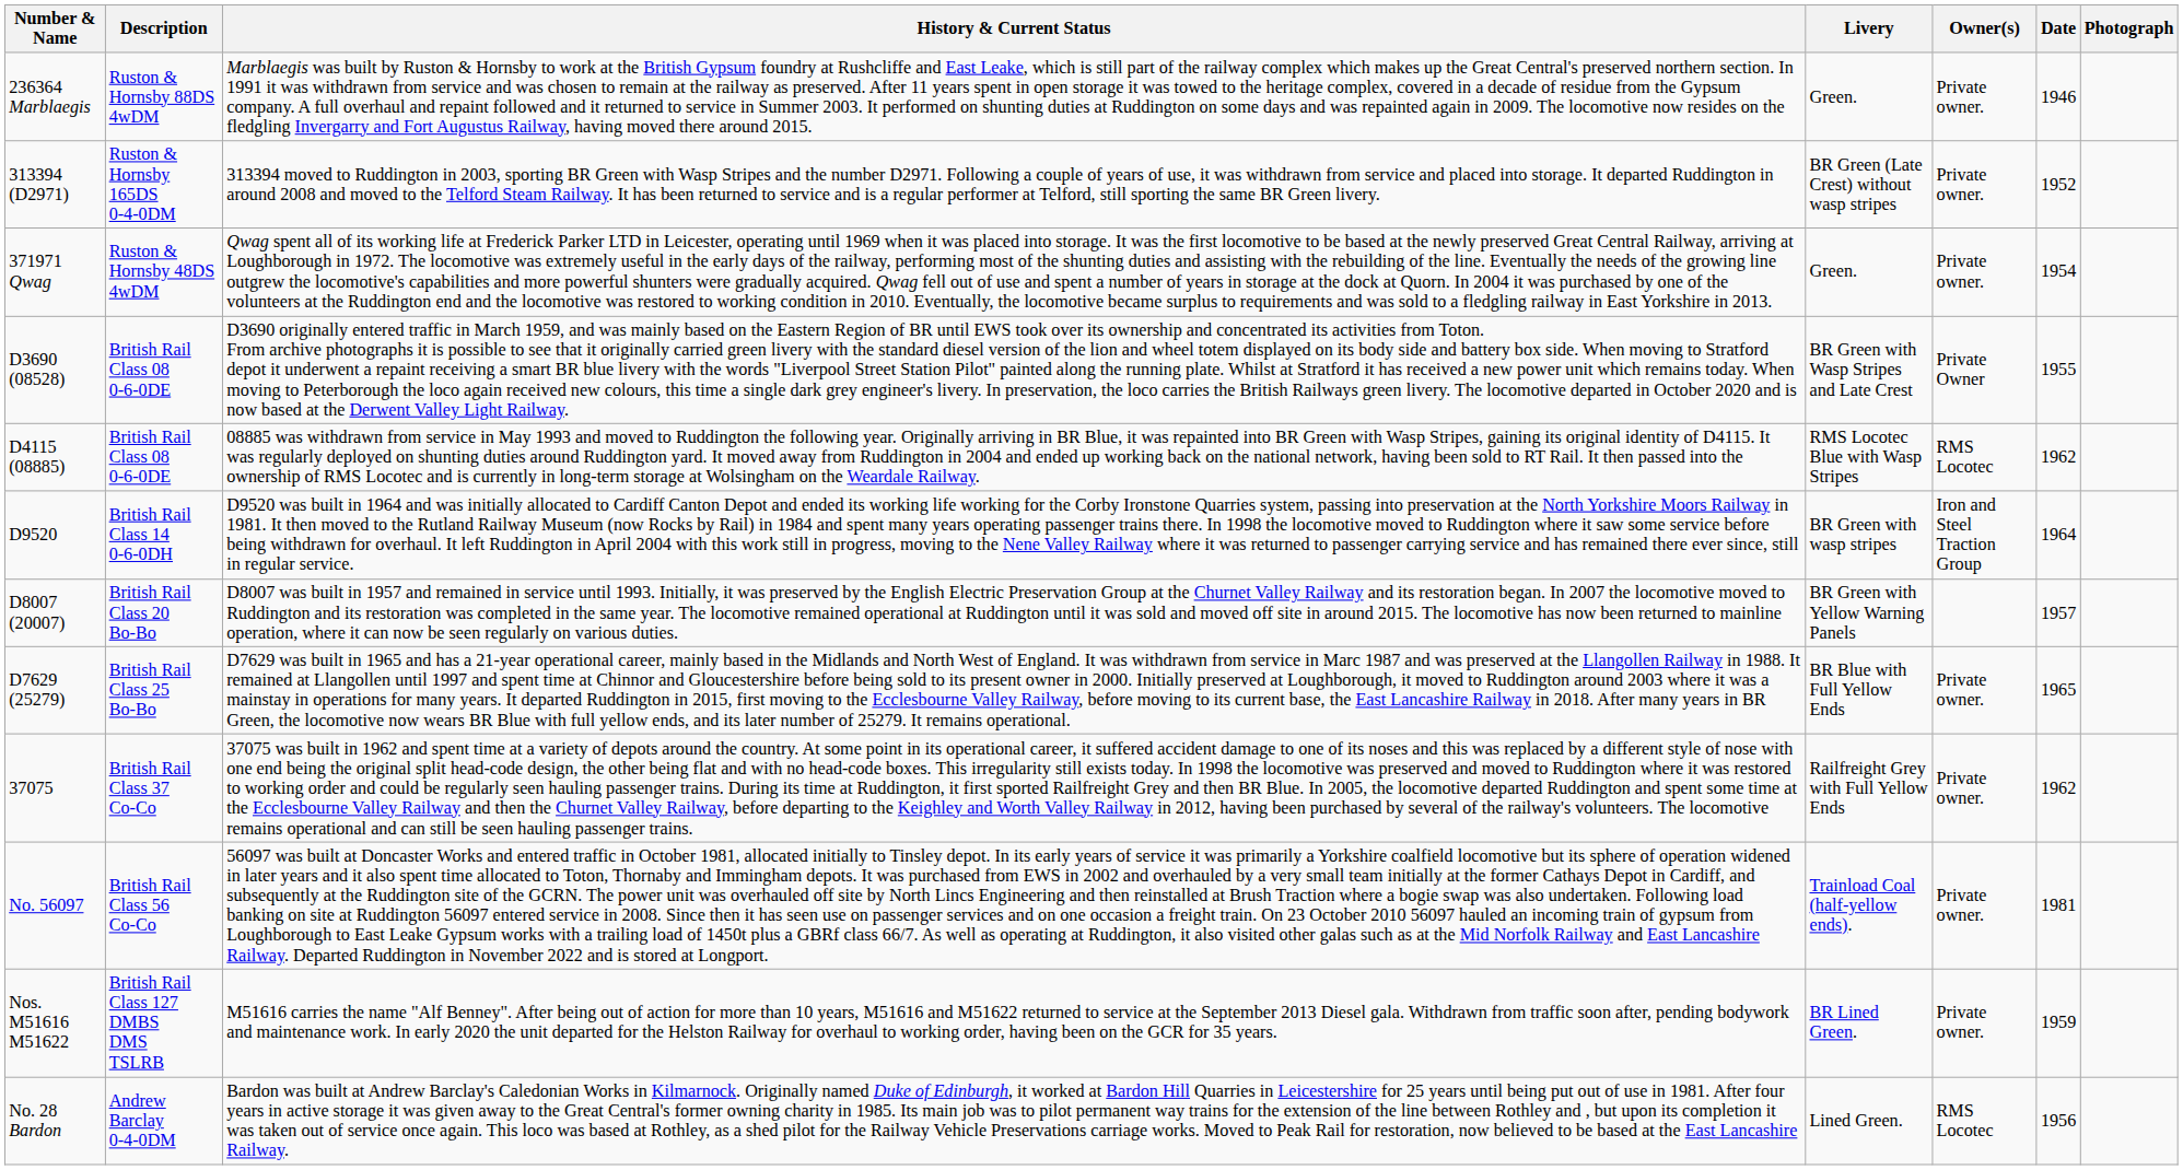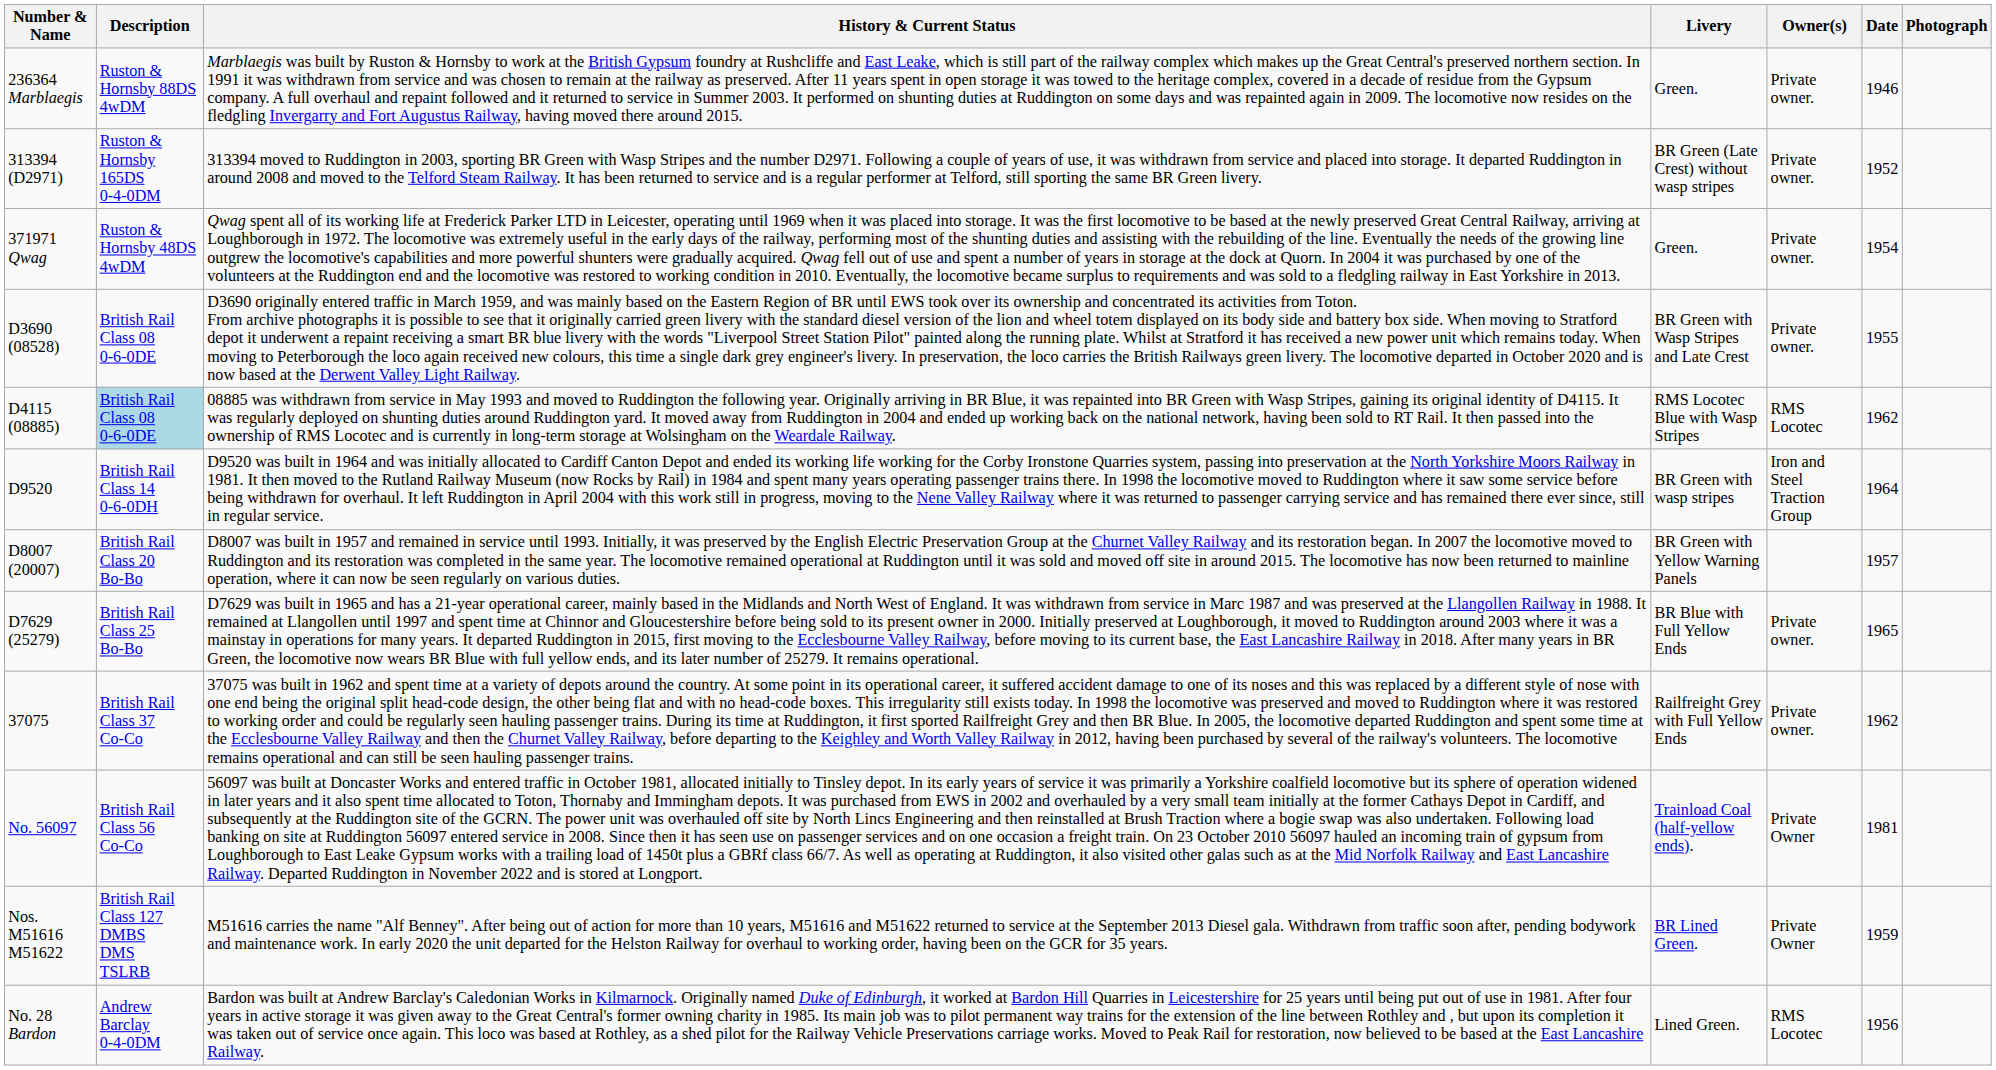 <table class="wikitable">
 <tr>
 <th>Number & Name</th>
 <th>Description</th>
 <th>History & Current Status</th>
 <th>Livery</th>
 <th>Owner(s)</th>
 <th>Date</th>
 <th>Photograph</th>
 </tr>
 <tr>
 <td>236364 <em>Marblaegis</em></td>
 <td><a href='#'>Ruston & Hornsby 88DS<br> 4wDM</a></td>
 <td><em>Marblaegis</em> was built by Ruston & Hornsby to work at the <a href='#'>British Gypsum</a> foundry at Rushcliffe and <a href='#'>East Leake</a>, which is still part of the railway complex which makes up the Great Central's preserved northern section. In 1991 it was withdrawn from service and was chosen to remain at the railway as preserved. After 11 years spent in open storage it was towed to the heritage complex, covered in a decade of residue from the Gypsum company. A full overhaul and repaint followed and it returned to service in Summer 2003. It performed on shunting duties at Ruddington on some days and was repainted again in 2009. The locomotive now resides on the fledgling <a href='#'>Invergarry and Fort Augustus Railway</a>, having moved there around 2015.</td>
 <td>Green.</td>
 <td>Private owner.</td>
 <td>1946</td>
 <td></td>
 </tr>
 <tr>
 <td>313394 (D2971)</td>
 <td><a href='#'>Ruston & Hornsby 165DS<br> 0-4-0DM</a></td>
 <td>313394 moved to Ruddington in 2003, sporting BR Green with Wasp Stripes and the number D2971. Following a couple of years of use, it was withdrawn from service and placed into storage. It departed Ruddington in around 2008 and moved to the <a href='#'>Telford Steam Railway</a>. It has been returned to service and is a regular performer at Telford, still sporting the same BR Green livery.</td>
 <td>BR Green (Late Crest) without wasp stripes</td>
 <td>Private owner.</td>
 <td>1952</td>
 <td></td>
 </tr>
 <tr>
 <td>371971 <em>Qwag</em></td>
 <td><a href='#'>Ruston & Hornsby 48DS<br> 4wDM</a></td>
 <td><em>Qwag</em> spent all of its working life at Frederick Parker LTD in Leicester, operating until 1969 when it was placed into storage. It was the first locomotive to be based at the newly preserved Great Central Railway, arriving at Loughborough in 1972. The locomotive was extremely useful in the early days of the railway, performing most of the shunting duties and assisting with the rebuilding of the line. Eventually the needs of the growing line outgrew the locomotive's capabilities and more powerful shunters were gradually acquired. <em>Qwag</em> fell out of use and spent a number of years in storage at the dock at Quorn. In 2004 it was purchased by one of the volunteers at the Ruddington end and the locomotive was restored to working condition in 2010. Eventually, the locomotive became surplus to requirements and was sold to a fledgling railway in East Yorkshire in 2013.</td>
 <td>Green.</td>
 <td>Private owner.</td>
 <td>1954</td>
 <td></td>
 </tr>
 <tr>
 <td>D3690 (08528) </td>
 <td><a href='#'>British Rail Class 08<br> 0-6-0DE</a></td>
 <td>D3690 originally entered traffic in March 1959, and was mainly based on the Eastern Region of BR until EWS took over its ownership and concentrated its activities from Toton.<br>From archive photographs it is possible to see that it originally carried green livery with the standard diesel version of the lion and wheel totem displayed on its body side and battery box side.  When moving to Stratford depot it underwent a repaint receiving a smart BR blue livery with the words "Liverpool Street Station Pilot" painted along the running plate. Whilst at Stratford it has received a new power unit which remains today. When moving to Peterborough the loco again received new colours, this time a single dark grey engineer's livery. In preservation, the loco carries the British Railways green livery. The locomotive departed in October 2020 and is now based at the <a href='#'>Derwent Valley Light Railway</a>.</td>
 <td>BR Green with Wasp Stripes and Late Crest</td>
-<td>Private Owner</td>
+<td>Private owner.</td>
 <td>1955</td>
 <td></td>
 </tr>
 <tr>
 <td>D4115 (08885)</td>
-<td><a href='#'>British Rail Class 08<br> 0-6-0DE</a></td>
+<td style="background: lightblue;"><a href='#'>British Rail Class 08<br> 0-6-0DE</a></td>
 <td>08885 was withdrawn from service in May 1993 and moved to Ruddington the following year. Originally arriving in BR Blue, it was repainted into BR Green with Wasp Stripes, gaining its original identity of D4115. It was regularly deployed on shunting duties around Ruddington yard. It moved away from Ruddington in 2004 and ended up working back on the national network, having been sold to RT Rail. It then passed into the ownership of RMS Locotec and is currently in long-term storage at Wolsingham on the <a href='#'>Weardale Railway</a>.</td>
 <td>RMS Locotec Blue with Wasp Stripes</td>
 <td>RMS Locotec</td>
 <td>1962</td>
 <td></td>
 </tr>
 <tr>
 <td>D9520</td>
 <td><a href='#'>British Rail Class 14<br> 0-6-0DH</a></td>
 <td>D9520 was built in 1964 and was initially allocated to Cardiff Canton Depot and ended its working life working for the Corby Ironstone Quarries system, passing into preservation at the <a href='#'>North Yorkshire Moors Railway</a> in 1981. It then moved to the Rutland Railway Museum (now Rocks by Rail) in 1984 and spent many years operating passenger trains there. In 1998 the locomotive moved to Ruddington where it saw some service before being withdrawn for overhaul. It left Ruddington in April 2004 with this work still in progress, moving to the <a href='#'>Nene Valley Railway</a> where it was returned to passenger carrying service and has remained there ever since, still in regular service.</td>
 <td>BR Green with wasp stripes</td>
 <td>Iron and Steel Traction Group</td>
 <td>1964</td>
 <td></td>
 </tr>
 <tr>
 <td>D8007 (20007)</td>
 <td><a href='#'>British Rail Class 20<br> Bo-Bo</a></td>
 <td>D8007 was built in 1957 and remained in service until 1993. Initially, it was preserved by the English Electric Preservation Group at the <a href='#'>Churnet Valley Railway</a> and its restoration began. In 2007 the locomotive moved to Ruddington and its restoration was completed in the same year. The locomotive remained operational at Ruddington until it was sold and moved off site in around 2015. The locomotive has now been returned to mainline operation, where it can now be seen regularly on various duties.</td>
 <td>BR Green with Yellow Warning Panels</td>
 <td></td>
 <td>1957</td>
 <td></td>
 </tr>
 <tr>
 <td>D7629 (25279)</td>
 <td><a href='#'>British Rail Class 25<br> Bo-Bo</a></td>
 <td>D7629 was built in 1965 and has a 21-year operational career, mainly based in the Midlands and North West of England. It was withdrawn from service in Marc 1987 and was preserved at the <a href='#'>Llangollen Railway</a> in 1988. It remained at Llangollen until 1997 and spent time at Chinnor and Gloucestershire before being sold to its present owner in 2000. Initially preserved at Loughborough, it moved to Ruddington around 2003 where it was a mainstay in operations for many years. It departed Ruddington in 2015, first moving to the <a href='#'>Ecclesbourne Valley Railway</a>, before moving to its current base, the <a href='#'>East Lancashire Railway</a> in 2018. After many years in BR Green, the locomotive now wears BR Blue with full yellow ends, and its later number of 25279. It remains operational.</td>
 <td>BR Blue with Full Yellow Ends</td>
 <td>Private owner.</td>
 <td>1965</td>
 <td></td>
 </tr>
 <tr>
 <td>37075</td>
 <td><a href='#'>British Rail Class 37<br> Co-Co</a></td>
 <td>37075 was built in 1962 and spent time at a variety of depots around the country. At some point in its operational career, it suffered accident damage to one of its noses and this was replaced by a different style of nose with one end being the original split head-code design, the other being flat and with no head-code boxes. This irregularity still exists today. In 1998 the locomotive was preserved and moved to Ruddington where it was restored to working order and could be regularly seen hauling passenger trains. During its time at Ruddington, it first sported Railfreight Grey and then BR Blue. In 2005, the locomotive departed Ruddington and spent some time at the <a href='#'>Ecclesbourne Valley Railway</a> and then the <a href='#'>Churnet Valley Railway</a>, before departing to the <a href='#'>Keighley and Worth Valley Railway</a> in 2012, having been purchased by several of the railway's volunteers. The locomotive remains operational and can still be seen hauling passenger trains.</td>
 <td>Railfreight Grey with Full Yellow Ends</td>
 <td>Private owner.</td>
 <td>1962</td>
 <td></td>
 </tr>
 <tr>
 <td><a href='#'>No. 56097</a></td>
 <td><a href='#'>British Rail Class 56<br> Co-Co</a></td>
 <td>56097 was built at Doncaster Works and entered traffic in October 1981, allocated initially to Tinsley depot. In its early years of service it was primarily a Yorkshire coalfield locomotive but its sphere of operation widened in later years and it also spent time allocated to Toton, Thornaby and Immingham depots. It was purchased from EWS in 2002 and overhauled by a very small team initially at the former Cathays Depot in Cardiff, and subsequently at the Ruddington site of the GCRN. The power unit was overhauled off site by North Lincs Engineering and then reinstalled at Brush Traction where a bogie swap was also undertaken. Following load banking on site at Ruddington 56097 entered service in 2008. Since then it has seen use on passenger services and on one occasion a freight train. On 23 October 2010 56097 hauled an incoming train of gypsum from Loughborough to East Leake Gypsum works with a trailing load of 1450t plus a GBRf class 66/7. As well as operating at Ruddington, it also visited other galas such as at the <a href='#'>Mid Norfolk Railway</a> and <a href='#'>East Lancashire Railway</a>. Departed Ruddington in November 2022 and is stored at Longport.</td>
 <td><a href='#'>Trainload Coal (half-yellow ends)</a>.</td>
-<td>Private owner.</td>
+<td>Private Owner</td>
 <td>1981</td>
 <td></td>
 </tr>
 <tr>
 <td>Nos. M51616<br> M51622<br></td>
 <td><a href='#'>British Rail Class 127 DMBS<br> DMS<br> TSLRB</a></td>
 <td>M51616 carries the name "Alf Benney". After being out of action for more than 10 years, M51616 and M51622 returned to service at the September 2013 Diesel gala. Withdrawn from traffic soon after, pending bodywork and maintenance work. In early 2020 the unit departed for the Helston Railway for overhaul to working order, having been on the GCR for 35 years.</td>
 <td><a href='#'>BR Lined Green</a>.</td>
-<td>Private owner.</td>
+<td>Private Owner</td>
 <td>1959</td>
 <td></td>
 </tr>
 <tr>
 <td>No. 28<br> <em>Bardon</em></td>
 <td><a href='#'>Andrew Barclay<br>0-4-0DM</a></td>
 <td>Bardon was built at Andrew Barclay's Caledonian Works in <a href='#'>Kilmarnock</a>. Originally named <em><a href='#'>Duke of Edinburgh</a></em>, it worked at <a href='#'>Bardon Hill</a> Quarries in <a href='#'>Leicestershire</a> for 25 years until being put out of use in 1981. After four years in active storage it was given away to the Great Central's former owning charity in 1985. Its main job was to pilot permanent way trains for the extension of the line between Rothley and , but upon its completion it was taken out of service once again. This loco was based at Rothley, as a shed pilot for the Railway Vehicle Preservations carriage works. Moved to Peak Rail for restoration, now believed to be based at the <a href='#'>East Lancashire Railway</a>.</td>
 <td>Lined Green.</td>
 <td>RMS Locotec</td>
 <td>1956</td>
 <td></td>
 </tr>
 </table>
